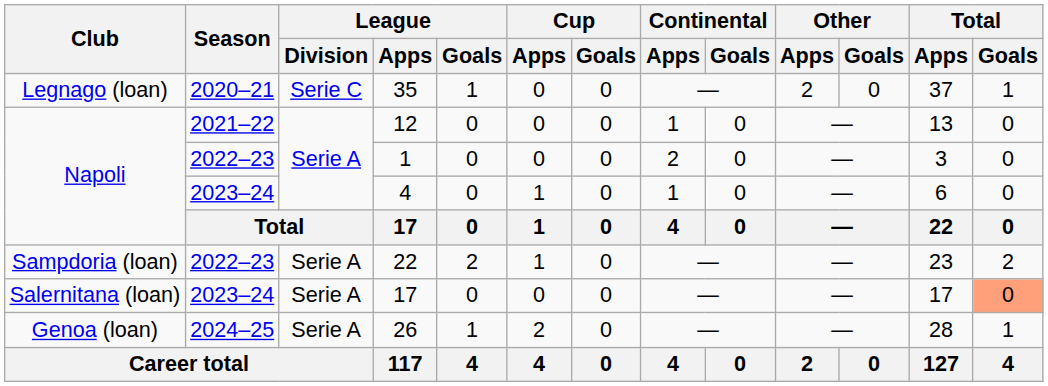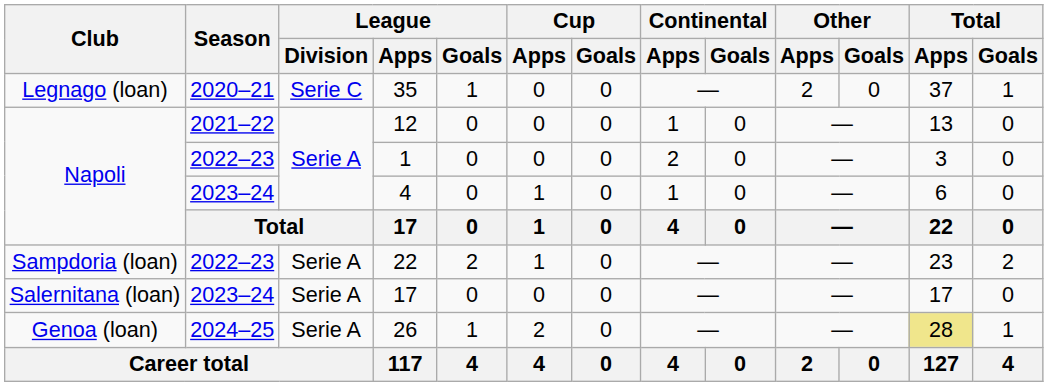 <table class="wikitable" style="text-align:center">
 <tr>
 <th rowspan="2">Club</th>
 <th rowspan="2">Season</th>
 <th colspan="3">League</th>
 <th colspan="2">Cup</th>
 <th colspan="2">Continental</th>
 <th colspan="2">Other</th>
 <th colspan="2">Total</th>
 </tr>
 <tr>
 <th>Division</th>
 <th>Apps</th>
 <th>Goals</th>
 <th>Apps</th>
 <th>Goals</th>
 <th>Apps</th>
 <th>Goals</th>
 <th>Apps</th>
 <th>Goals</th>
 <th>Apps</th>
 <th>Goals</th>
 </tr>
 <tr>
 <td><a href='#'>Legnago</a> (loan)</td>
 <td><a href='#'>2020–21</a></td>
 <td><a href='#'>Serie C</a></td>
 <td>35</td>
 <td>1</td>
 <td>0</td>
 <td>0</td>
 <td colspan="2">—</td>
 <td>2</td>
 <td>0</td>
 <td>37</td>
 <td>1</td>
 </tr>
 <tr>
 <td rowspan="4"><a href='#'>Napoli</a></td>
 <td><a href='#'>2021–22</a></td>
 <td rowspan="3"><a href='#'>Serie A</a></td>
 <td>12</td>
 <td>0</td>
 <td>0</td>
 <td>0</td>
 <td>1</td>
 <td>0</td>
 <td colspan="2">—</td>
 <td>13</td>
 <td>0</td>
 </tr>
 <tr>
 <td><a href='#'>2022–23</a></td>
 <td>1</td>
 <td>0</td>
 <td>0</td>
 <td>0</td>
 <td>2</td>
 <td>0</td>
 <td colspan="2">—</td>
 <td>3</td>
 <td>0</td>
 </tr>
 <tr>
 <td><a href='#'>2023–24</a></td>
 <td>4</td>
 <td>0</td>
 <td>1</td>
 <td>0</td>
 <td>1</td>
 <td>0</td>
 <td colspan="2">—</td>
 <td>6</td>
 <td>0</td>
 </tr>
 <tr>
 <th colspan="2">Total</th>
 <th>17</th>
 <th>0</th>
 <th>1</th>
 <th>0</th>
 <th>4</th>
 <th>0</th>
 <th colspan="2">—</th>
 <th>22</th>
 <th>0</th>
 </tr>
 <tr>
 <td><a href='#'>Sampdoria</a> (loan)</td>
 <td><a href='#'>2022–23</a></td>
 <td>Serie A</td>
 <td>22</td>
 <td>2</td>
 <td>1</td>
 <td>0</td>
 <td colspan="2">—</td>
 <td colspan="2">—</td>
 <td>23</td>
 <td>2</td>
 </tr>
 <tr>
 <td><a href='#'>Salernitana</a> (loan)</td>
 <td><a href='#'>2023–24</a></td>
 <td>Serie A</td>
 <td>17</td>
 <td>0</td>
 <td>0</td>
 <td>0</td>
 <td colspan="2">—</td>
 <td colspan="2">—</td>
 <td>17</td>
-<td style="background: lightsalmon;">0</td>
+<td>0</td>
 </tr>
 <tr>
 <td><a href='#'>Genoa</a> (loan)</td>
 <td><a href='#'>2024–25</a></td>
 <td>Serie A</td>
 <td>26</td>
 <td>1</td>
 <td>2</td>
 <td>0</td>
 <td colspan="2">—</td>
 <td colspan="2">—</td>
-<td>28</td>
+<td style="background: khaki;">28</td>
 <td>1</td>
 </tr>
 <tr>
 <th colspan="3">Career total</th>
 <th>117</th>
 <th>4</th>
 <th>4</th>
 <th>0</th>
 <th>4</th>
 <th>0</th>
 <th>2</th>
 <th>0</th>
 <th>127</th>
 <th>4</th>
 </tr>
 </table>
